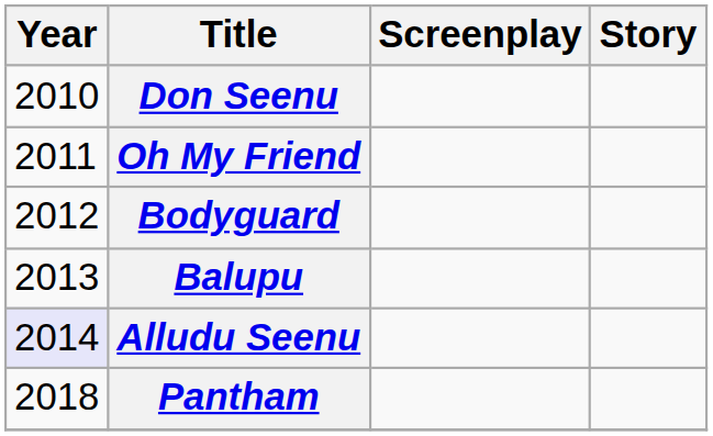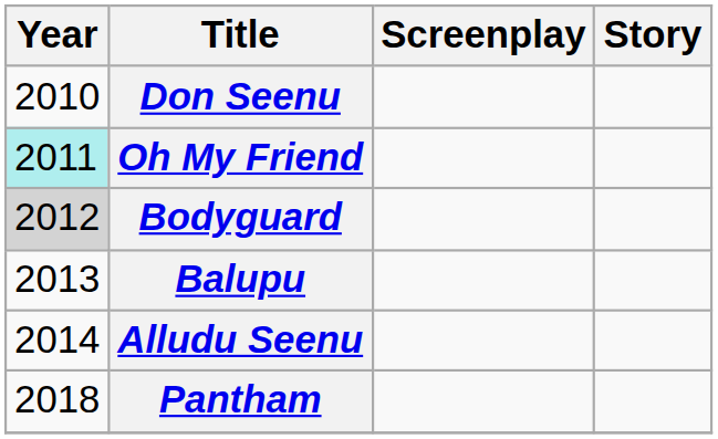 <table class="wikitable sortable plainrowheaders">
 <tr>
 <th scope="col">Year</th>
 <th scope="col">Title</th>
 <th scope="col">Screenplay</th>
 <th scope="col">Story</th>
 </tr>
 <tr>
 <td>2010</td>
 <th scope="row"><em><a href='#'>Don Seenu</a></em></th>
 <td></td>
 <td></td>
 </tr>
 <tr>
-<td>2011</td>
+<td style="background: paleturquoise;">2011</td>
 <th scope="row"><em><a href='#'>Oh My Friend</a></em></th>
 <td></td>
 <td></td>
 </tr>
 <tr>
-<td>2012</td>
+<td style="background: lightgrey;">2012</td>
 <th scope="row"><em><a href='#'>Bodyguard</a></em></th>
 <td></td>
 <td></td>
 </tr>
 <tr>
 <td>2013</td>
 <th scope="row"><em><a href='#'>Balupu</a></em></th>
 <td></td>
 <td></td>
 </tr>
 <tr>
-<td style="background: lavender;">2014</td>
+<td>2014</td>
 <th scope="row"><em><a href='#'>Alludu Seenu</a></em></th>
 <td></td>
 <td></td>
 </tr>
 <tr>
 <td>2018</td>
 <th scope="row"><em><a href='#'>Pantham</a></em></th>
 <td></td>
 <td></td>
 </tr>
 <tr>
 </tr>
 </table>
